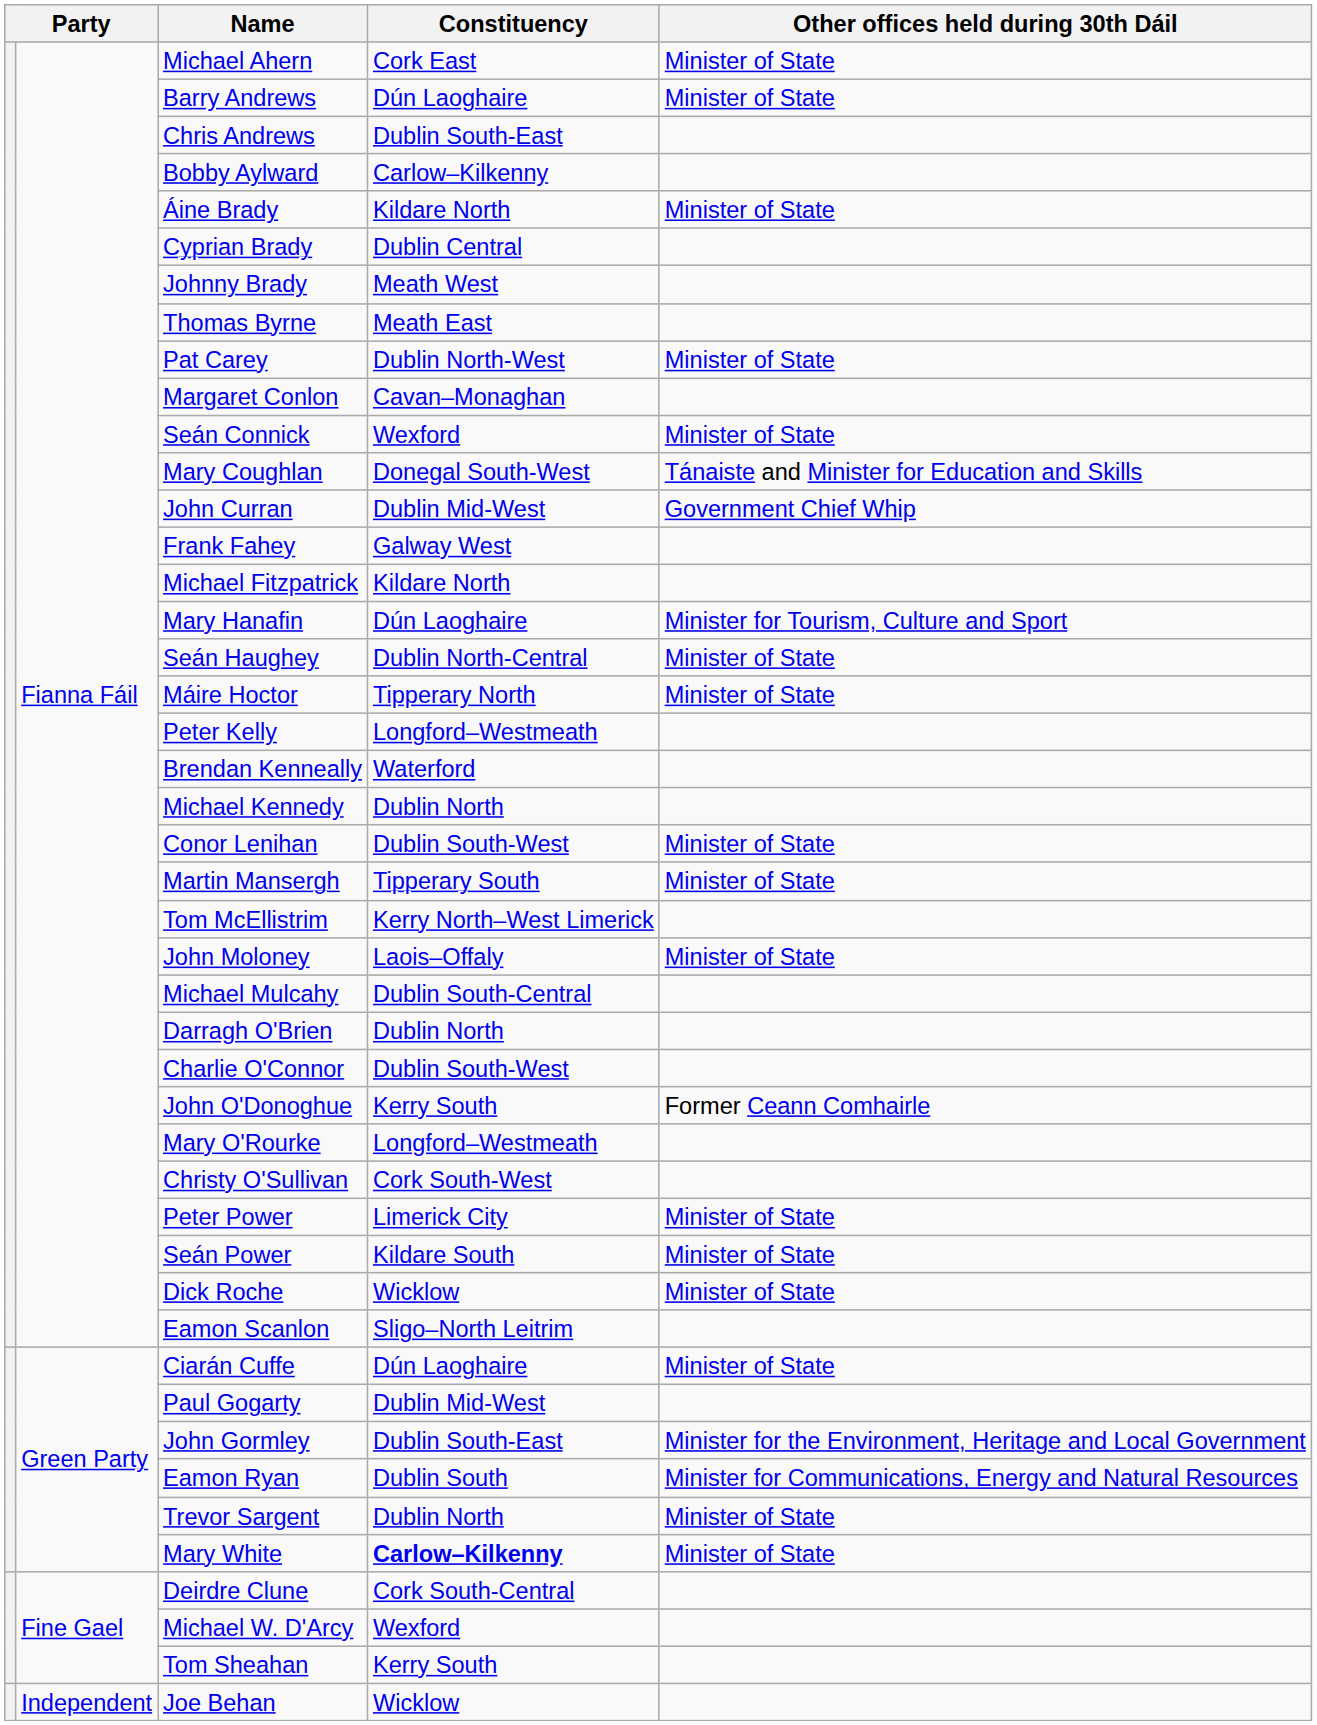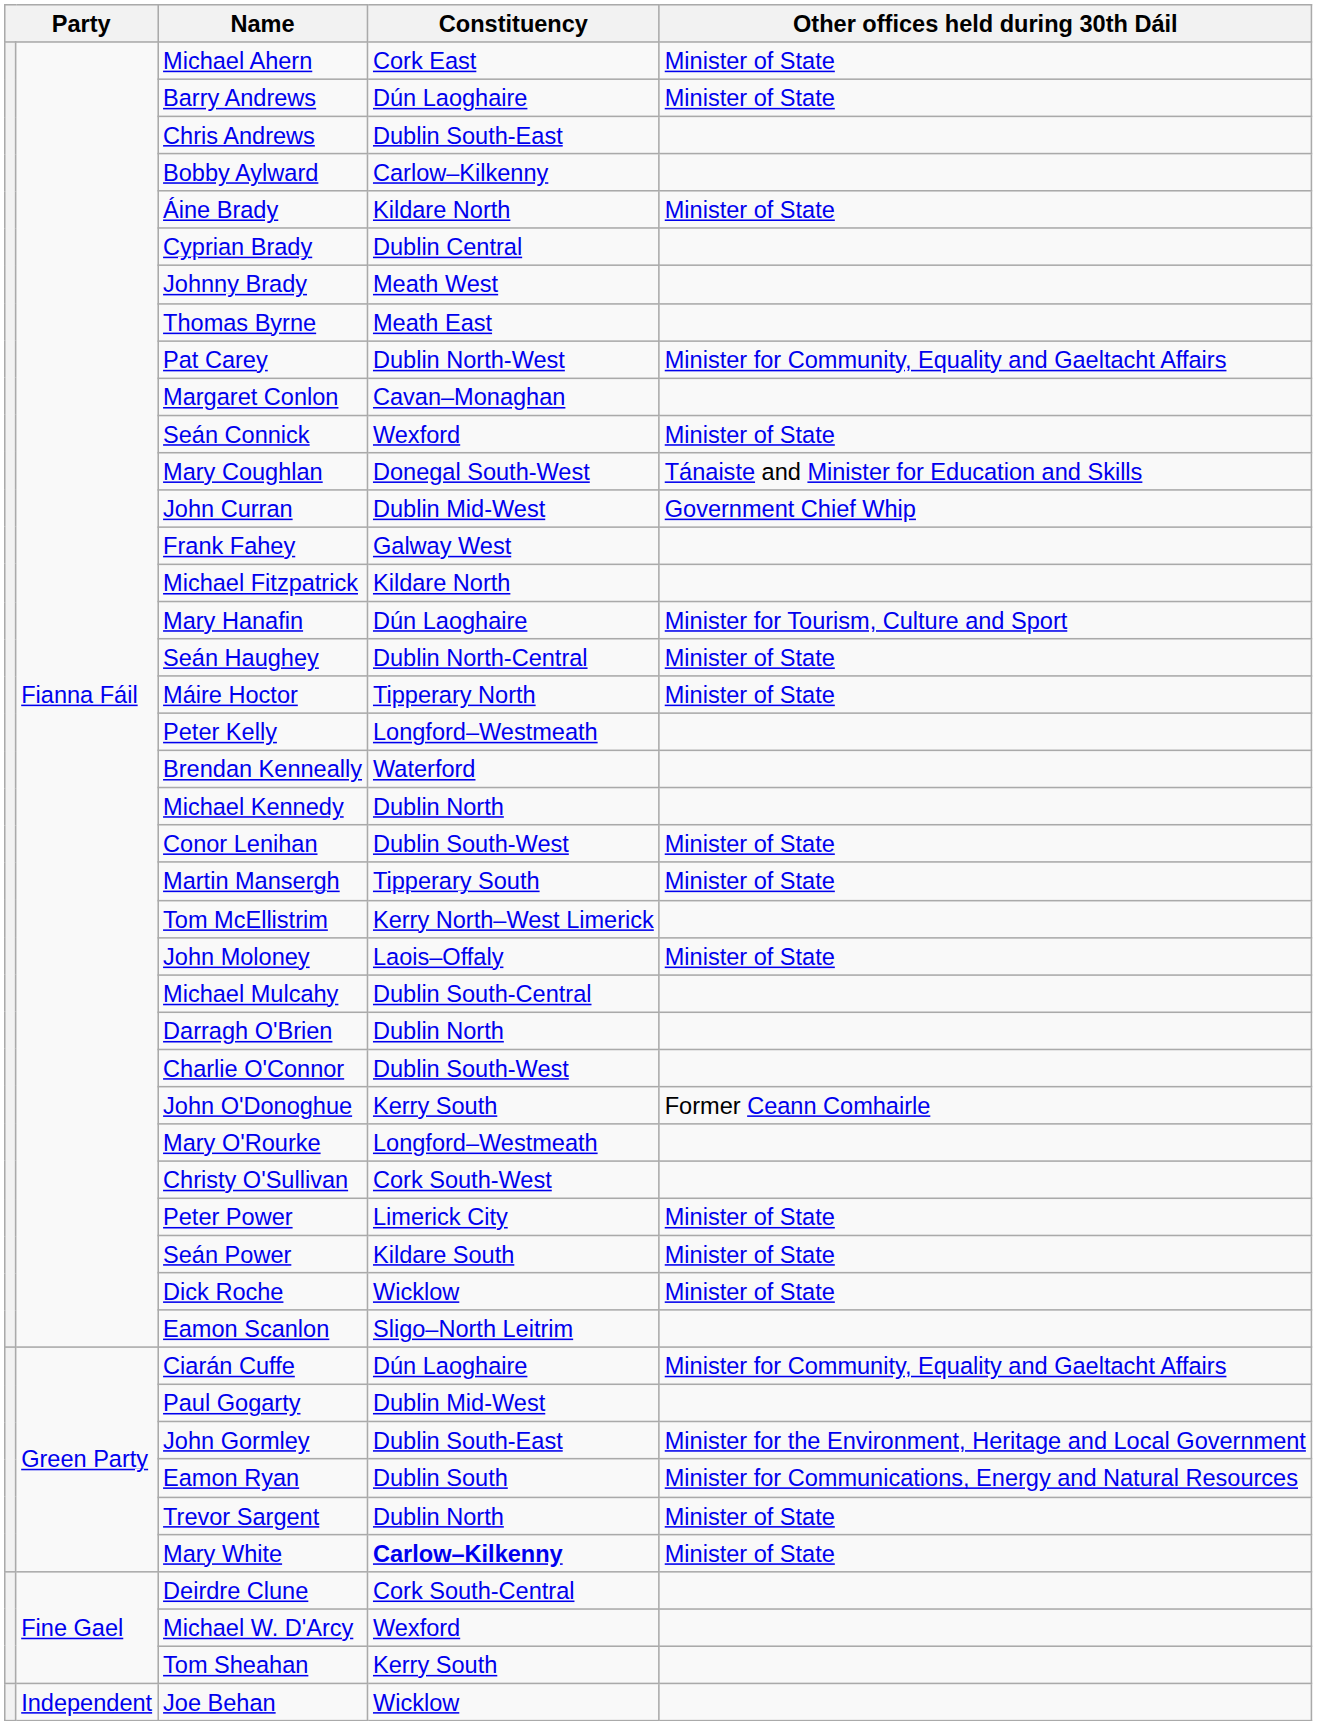 <table class="wikitable" style="font-size: 95%;">
 <tr>
 <th colspan=2>Party</th>
 <th>Name</th>
 <th>Constituency</th>
 <th>Other offices held during 30th Dáil</th>
 </tr>
 <tr>
 <th rowspan=35 style="background-color: "></th>
 <td rowspan=35><a href='#'>Fianna Fáil</a></td>
 <td><a href='#'>Michael Ahern</a></td>
 <td><a href='#'>Cork East</a></td>
 <td><a href='#'>Minister of State</a></td>
 </tr>
 <tr>
 <td><a href='#'>Barry Andrews</a></td>
 <td><a href='#'>Dún Laoghaire</a></td>
 <td><a href='#'>Minister of State</a></td>
 </tr>
 <tr>
 <td><a href='#'>Chris Andrews</a></td>
 <td><a href='#'>Dublin South-East</a></td>
 <td></td>
 </tr>
 <tr>
 <td><a href='#'>Bobby Aylward</a></td>
 <td><a href='#'>Carlow–Kilkenny</a></td>
 <td></td>
 </tr>
 <tr>
 <td><a href='#'>Áine Brady</a></td>
 <td><a href='#'>Kildare North</a></td>
 <td><a href='#'>Minister of State</a></td>
 </tr>
 <tr>
 <td><a href='#'>Cyprian Brady</a></td>
 <td><a href='#'>Dublin Central</a></td>
 <td></td>
 </tr>
 <tr>
 <td><a href='#'>Johnny Brady</a></td>
 <td><a href='#'>Meath West</a></td>
 <td></td>
 </tr>
 <tr>
 <td><a href='#'>Thomas Byrne</a></td>
 <td><a href='#'>Meath East</a></td>
 <td></td>
 </tr>
 <tr>
 <td><a href='#'>Pat Carey</a></td>
 <td><a href='#'>Dublin North-West</a></td>
-<td><a href='#'>Minister of State</a></td>
+<td><a href='#'>Minister for Community, Equality and Gaeltacht Affairs</a></td>
 </tr>
 <tr>
 <td><a href='#'>Margaret Conlon</a></td>
 <td><a href='#'>Cavan–Monaghan</a></td>
 <td></td>
 </tr>
 <tr>
 <td><a href='#'>Seán Connick</a></td>
 <td><a href='#'>Wexford</a></td>
 <td><a href='#'>Minister of State</a></td>
 </tr>
 <tr>
 <td><a href='#'>Mary Coughlan</a></td>
 <td><a href='#'>Donegal South-West</a></td>
 <td><a href='#'>Tánaiste</a> and <a href='#'>Minister for Education and Skills</a></td>
 </tr>
 <tr>
 <td><a href='#'>John Curran</a></td>
 <td><a href='#'>Dublin Mid-West</a></td>
 <td><a href='#'>Government Chief Whip</a></td>
 </tr>
 <tr>
 <td><a href='#'>Frank Fahey</a></td>
 <td><a href='#'>Galway West</a></td>
 <td></td>
 </tr>
 <tr>
 <td><a href='#'>Michael Fitzpatrick</a></td>
 <td><a href='#'>Kildare North</a></td>
 <td></td>
 </tr>
 <tr>
 <td><a href='#'>Mary Hanafin</a></td>
 <td><a href='#'>Dún Laoghaire</a></td>
 <td><a href='#'>Minister for Tourism, Culture and Sport</a></td>
 </tr>
 <tr>
 <td><a href='#'>Seán Haughey</a></td>
 <td><a href='#'>Dublin North-Central</a></td>
 <td><a href='#'>Minister of State</a></td>
 </tr>
 <tr>
 <td><a href='#'>Máire Hoctor</a></td>
 <td><a href='#'>Tipperary North</a></td>
 <td><a href='#'>Minister of State</a></td>
 </tr>
 <tr>
 <td><a href='#'>Peter Kelly</a></td>
 <td><a href='#'>Longford–Westmeath</a></td>
 <td></td>
 </tr>
 <tr>
 <td><a href='#'>Brendan Kenneally</a></td>
 <td><a href='#'>Waterford</a></td>
 <td></td>
 </tr>
 <tr>
 <td><a href='#'>Michael Kennedy</a></td>
 <td><a href='#'>Dublin North</a></td>
 <td></td>
 </tr>
 <tr>
 <td><a href='#'>Conor Lenihan</a></td>
 <td><a href='#'>Dublin South-West</a></td>
 <td><a href='#'>Minister of State</a></td>
 </tr>
 <tr>
 <td><a href='#'>Martin Mansergh</a></td>
 <td><a href='#'>Tipperary South</a></td>
 <td><a href='#'>Minister of State</a></td>
 </tr>
 <tr>
 <td><a href='#'>Tom McEllistrim</a></td>
 <td><a href='#'>Kerry North–West Limerick</a></td>
 <td></td>
 </tr>
 <tr>
 <td><a href='#'>John Moloney</a></td>
 <td><a href='#'>Laois–Offaly</a></td>
 <td><a href='#'>Minister of State</a></td>
 </tr>
 <tr>
 <td><a href='#'>Michael Mulcahy</a></td>
 <td><a href='#'>Dublin South-Central</a></td>
 <td></td>
 </tr>
 <tr>
 <td><a href='#'>Darragh O'Brien</a></td>
 <td><a href='#'>Dublin North</a></td>
 <td></td>
 </tr>
 <tr>
 <td><a href='#'>Charlie O'Connor</a></td>
 <td><a href='#'>Dublin South-West</a></td>
 <td></td>
 </tr>
 <tr>
 <td><a href='#'>John O'Donoghue</a></td>
 <td><a href='#'>Kerry South</a></td>
 <td>Former <a href='#'>Ceann Comhairle</a></td>
 </tr>
 <tr>
 <td><a href='#'>Mary O'Rourke</a></td>
 <td><a href='#'>Longford–Westmeath</a></td>
 <td></td>
 </tr>
 <tr>
 <td><a href='#'>Christy O'Sullivan</a></td>
 <td><a href='#'>Cork South-West</a></td>
 <td></td>
 </tr>
 <tr>
 <td><a href='#'>Peter Power</a></td>
 <td><a href='#'>Limerick City</a></td>
 <td><a href='#'>Minister of State</a></td>
 </tr>
 <tr>
 <td><a href='#'>Seán Power</a></td>
 <td><a href='#'>Kildare South</a></td>
 <td><a href='#'>Minister of State</a></td>
 </tr>
 <tr>
 <td><a href='#'>Dick Roche</a></td>
 <td><a href='#'>Wicklow</a></td>
 <td><a href='#'>Minister of State</a></td>
 </tr>
 <tr>
 <td><a href='#'>Eamon Scanlon</a></td>
 <td><a href='#'>Sligo–North Leitrim</a></td>
 <td></td>
 </tr>
 <tr>
 <th rowspan=6 style="background-color: "></th>
 <td rowspan=6><a href='#'>Green Party</a></td>
 <td><a href='#'>Ciarán Cuffe</a></td>
 <td><a href='#'>Dún Laoghaire</a></td>
-<td><a href='#'>Minister of State</a></td>
+<td><a href='#'>Minister for Community, Equality and Gaeltacht Affairs</a></td>
 </tr>
 <tr>
 <td><a href='#'>Paul Gogarty</a></td>
 <td><a href='#'>Dublin Mid-West</a></td>
 <td></td>
 </tr>
 <tr>
 <td><a href='#'>John Gormley</a></td>
 <td><a href='#'>Dublin South-East</a></td>
 <td><a href='#'>Minister for the Environment, Heritage and Local Government</a></td>
 </tr>
 <tr>
 <td><a href='#'>Eamon Ryan</a></td>
 <td><a href='#'>Dublin South</a></td>
 <td><a href='#'>Minister for Communications, Energy and Natural Resources</a></td>
 </tr>
 <tr>
 <td><a href='#'>Trevor Sargent</a></td>
 <td><a href='#'>Dublin North</a></td>
 <td><a href='#'>Minister of State</a></td>
 </tr>
 <tr>
 <td><a href='#'>Mary White</a></td>
 <td><strong><a href='#'>Carlow–Kilkenny</a></strong></td>
 <td><a href='#'>Minister of State</a></td>
 </tr>
 <tr>
 <th rowspan=3 style="background-color: "></th>
 <td rowspan=3><a href='#'>Fine Gael</a></td>
 <td><a href='#'>Deirdre Clune</a></td>
 <td><a href='#'>Cork South-Central</a></td>
 <td></td>
 </tr>
 <tr>
 <td><a href='#'>Michael W. D'Arcy</a></td>
 <td><a href='#'>Wexford</a></td>
 <td></td>
 </tr>
 <tr>
 <td><a href='#'>Tom Sheahan</a></td>
 <td><a href='#'>Kerry South</a></td>
 <td></td>
 </tr>
 <tr>
 <th style="background-color: "></th>
 <td><a href='#'>Independent</a></td>
 <td><a href='#'>Joe Behan</a></td>
 <td><a href='#'>Wicklow</a></td>
 <td></td>
 </tr>
 </table>
